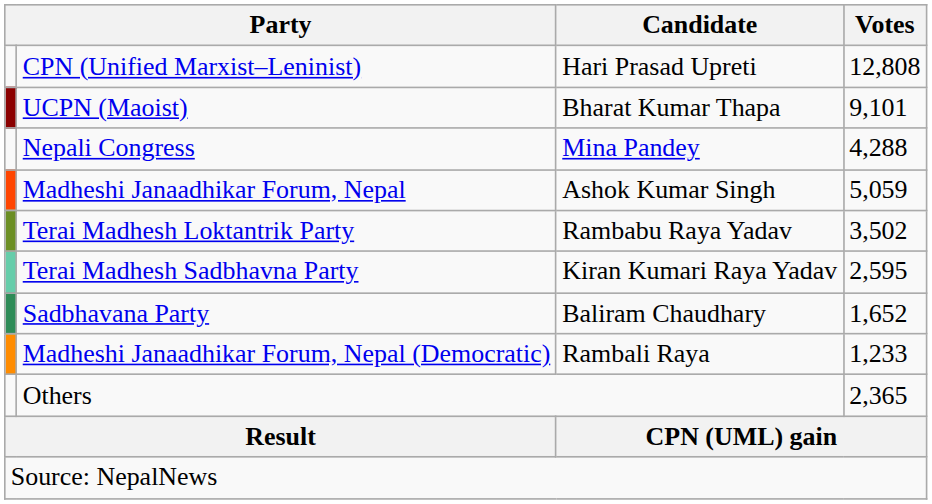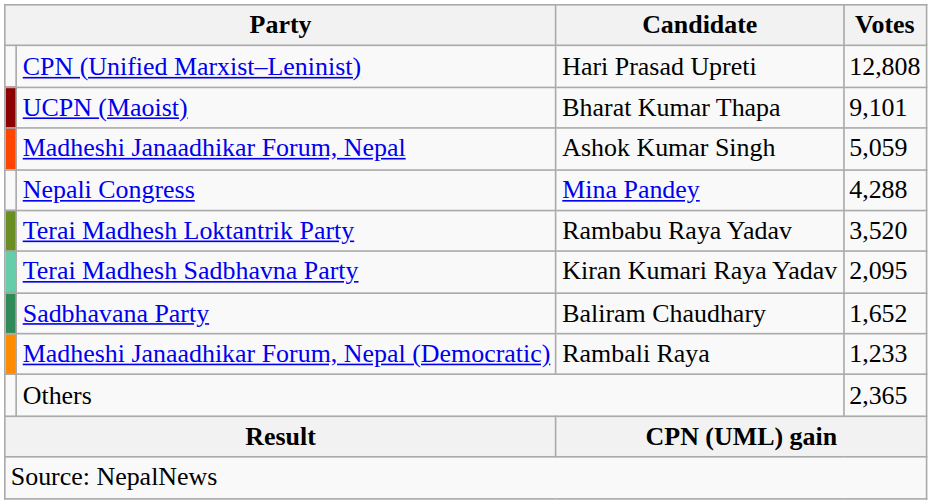 <table class="wikitable">
 <tr>
 <th colspan="2">Party</th>
 <th>Candidate</th>
 <th>Votes</th>
 </tr>
 <tr>
 <td style="background-color:"></td>
 <td><a href='#'>CPN (Unified Marxist–Leninist)</a></td>
 <td>Hari Prasad Upreti</td>
 <td>12,808</td>
 </tr>
 <tr>
 <td style="background-color:darkred"></td>
 <td><a href='#'>UCPN (Maoist)</a></td>
 <td>Bharat Kumar Thapa</td>
 <td>9,101</td>
 </tr>
 <tr>
+<td style="background-color:orangered"></td>
+<td><a href='#'>Madheshi Janaadhikar Forum, Nepal</a></td>
+<td>Ashok Kumar Singh</td>
+<td>5,059</td>
+</tr>
+<tr>
 <td style="background-color:"></td>
 <td><a href='#'>Nepali Congress</a></td>
 <td><a href='#'>Mina Pandey</a></td>
 <td>4,288</td>
 </tr>
 <tr>
-<td style="background-color:orangered"></td>
-<td><a href='#'>Madheshi Janaadhikar Forum, Nepal</a></td>
-<td>Ashok Kumar Singh</td>
-<td>5,059</td>
-</tr>
-<tr>
 <td style="background-color:olivedrab"></td>
 <td><a href='#'>Terai Madhesh Loktantrik Party</a></td>
 <td>Rambabu Raya Yadav</td>
-<td>3,502</td>
+<td>3,520</td>
 </tr>
 <tr>
 <td style="background-color:mediumaquamarine"></td>
 <td><a href='#'>Terai Madhesh Sadbhavna Party</a></td>
 <td>Kiran Kumari Raya Yadav</td>
-<td>2,595</td>
+<td>2,095</td>
 </tr>
 <tr>
 <td style="background-color:seagreen"></td>
 <td><a href='#'>Sadbhavana Party</a></td>
 <td>Baliram Chaudhary</td>
 <td>1,652</td>
 </tr>
 <tr>
 <td style="background-color:darkorange"></td>
 <td><a href='#'>Madheshi Janaadhikar Forum, Nepal (Democratic)</a></td>
 <td>Rambali Raya</td>
 <td>1,233</td>
 </tr>
 <tr>
 <td></td>
 <td colspan="2">Others</td>
 <td>2,365</td>
 </tr>
 <tr>
 <th colspan="2">Result</th>
 <th colspan="2">CPN (UML) gain</th>
 </tr>
 <tr>
 <td colspan="4">Source: NepalNews</td>
 </tr>
 </table>
